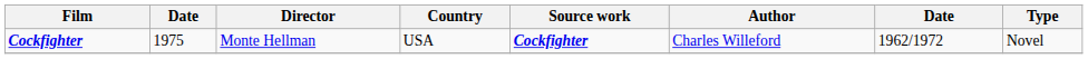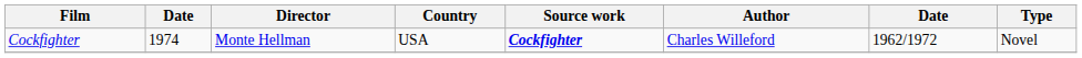 <table class="wikitable" style=width:90%>
 <tr style="background:#CCCCCC;">
 <th>Film</th>
 <th>Date</th>
 <th>Director</th>
 <th>Country</th>
 <th>Source work</th>
 <th>Author</th>
 <th>Date</th>
 <th>Type</th>
 </tr>
 <tr>
-<td><strong><em><a href='#'>Cockfighter</a></em></strong></td>
-<td>1975</td>
+<td><em><a href='#'>Cockfighter</a></em></td>
+<td>1974</td>
 <td><a href='#'>Monte Hellman</a></td>
 <td>USA</td>
 <td><strong><em><a href='#'>Cockfighter</a></em></strong></td>
 <td><a href='#'>Charles Willeford</a></td>
 <td>1962/1972</td>
 <td>Novel</td>
 </tr>
 <tr>
 </tr>
 </table>
